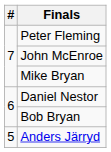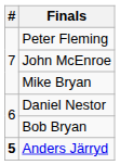 <table class="wikitable" style="display:inline-table;">
 <tr>
 <th>#</th>
 <th>Finals</th>
 </tr>
 <tr>
 <td rowspan="3" style="text-align: center;">7</td>
 <td> Peter Fleming</td>
 </tr>
 <tr>
 <td> John McEnroe</td>
 </tr>
 <tr>
 <td> Mike Bryan</td>
 </tr>
 <tr>
 <td rowspan="2" style="text-align: center;">6</td>
 <td> Daniel Nestor</td>
 </tr>
 <tr>
 <td> Bob Bryan</td>
 </tr>
 <tr>
-<td style="text-align: center;">5</td>
+<td style="text-align: center;"><strong>5</strong></td>
 <td> <a href='#'>Anders Järryd</a></td>
 </tr>
 </table>
